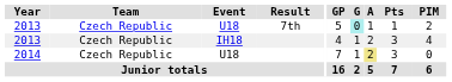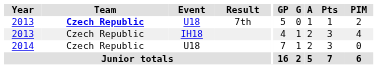 <table border="0" cellpadding="1" cellspacing="0" ID="Table3" style="text-align:center; width:40em">
 <tr ALIGN="center" bgcolor="#e0e0e0">
 <th>Year</th>
 <th>Team</th>
 <th>Event</th>
 <th>Result</th>
 <th rowspan="99" bgcolor="#ffffff"></th>
 <th>GP</th>
 <th>G</th>
 <th>A</th>
 <th>Pts</th>
 <th>PIM</th>
 </tr>
 <tr>
 <td><a href='#'>2013</a></td>
-<td><a href='#'>Czech Republic</a></td>
+<td><strong><a href='#'>Czech Republic</a></strong></td>
 <td><a href='#'>U18</a></td>
 <td>7th</td>
 <td>5</td>
-<td style="background: paleturquoise;">0</td>
+<td>0</td>
 <td>1</td>
 <td>1</td>
 <td>2</td>
 </tr>
 <tr bgcolor="#f0f0f0">
 <td><a href='#'>2013</a></td>
 <td>Czech Republic</td>
 <td><a href='#'>IH18</a></td>
 <td></td>
 <td>4</td>
 <td>1</td>
 <td>2</td>
 <td>3</td>
 <td>4</td>
 </tr>
 <tr>
 <td><a href='#'>2014</a></td>
 <td>Czech Republic</td>
 <td>U18</td>
 <td></td>
 <td>7</td>
 <td>1</td>
-<td style="background: khaki;">2</td>
+<td>2</td>
 <td>3</td>
 <td>0</td>
 </tr>
 <tr bgcolor="#e0e0e0">
 <th colspan="4">Junior totals</th>
 <th>16</th>
 <th>2</th>
 <th>5</th>
 <th>7</th>
 <th>6</th>
 </tr>
 </table>
